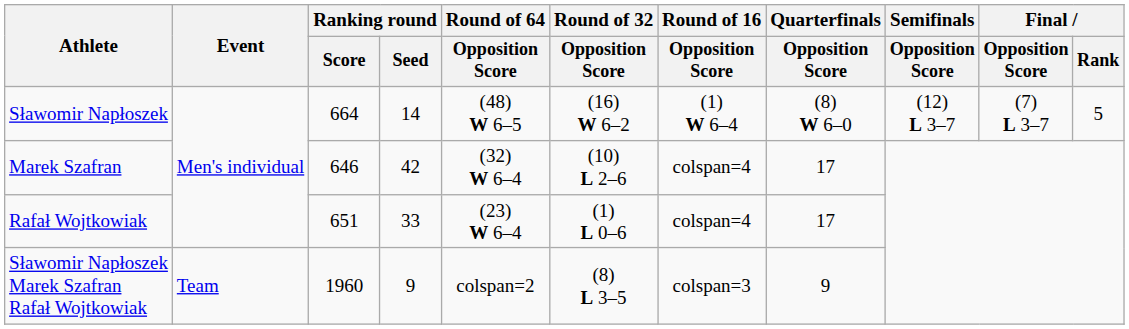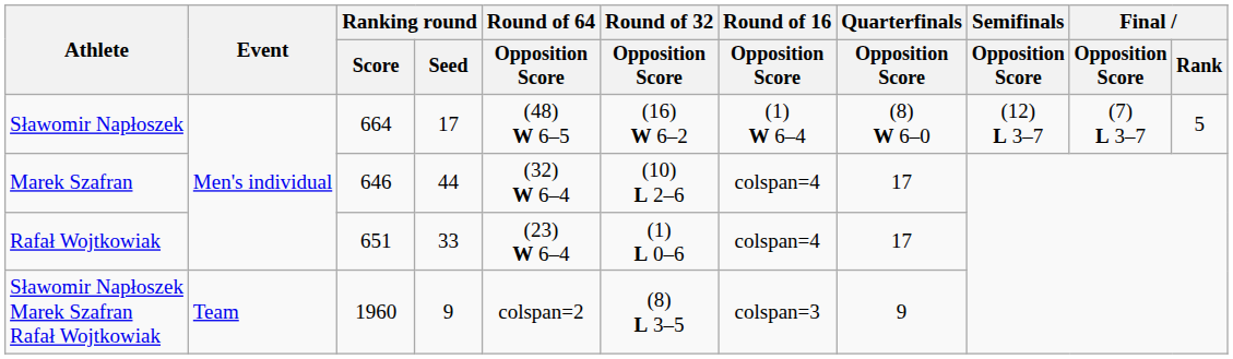 <table class="wikitable" style="font-size:90%">
 <tr>
 <th rowspan="2">Athlete</th>
 <th rowspan="2">Event</th>
 <th colspan="2">Ranking round</th>
 <th>Round of 64</th>
 <th>Round of 32</th>
 <th>Round of 16</th>
 <th>Quarterfinals</th>
 <th>Semifinals</th>
 <th colspan="2">Final / </th>
 </tr>
 <tr style="font-size:95%">
 <th>Score</th>
 <th>Seed</th>
 <th>Opposition<br>Score</th>
 <th>Opposition<br>Score</th>
 <th>Opposition<br>Score</th>
 <th>Opposition<br>Score</th>
 <th>Opposition<br>Score</th>
 <th>Opposition<br>Score</th>
 <th>Rank</th>
 </tr>
 <tr align=center>
 <td align=left><a href='#'>Sławomir Napłoszek</a></td>
 <td align=left rowspan=3><a href='#'>Men's individual</a></td>
 <td>664</td>
-<td>14</td>
+<td>17</td>
 <td> (48) <br> <strong>W</strong> 6–5</td>
 <td> (16) <br>  <strong>W</strong> 6–2</td>
 <td> (1) <br>  <strong>W</strong> 6–4</td>
 <td> (8) <br>  <strong>W</strong> 6–0</td>
 <td> (12) <br>  <strong>L</strong> 3–7</td>
 <td> (7) <br> <strong>L</strong> 3–7</td>
 <td>5</td>
 </tr>
 <tr align=center>
 <td align=left><a href='#'>Marek Szafran</a></td>
 <td>646</td>
-<td>42</td>
+<td>44</td>
 <td> (32) <br> <strong>W</strong> 6–4</td>
 <td> (10) <br><strong>L</strong> 2–6</td>
 <td>colspan=4 </td>
 <td>17</td>
 </tr>
 <tr align=center>
 <td align=left><a href='#'>Rafał Wojtkowiak</a></td>
 <td>651</td>
 <td>33</td>
 <td> (23) <br><strong>W</strong> 6–4</td>
 <td> (1) <br> <strong>L</strong> 0–6</td>
 <td>colspan=4 </td>
 <td>17</td>
 </tr>
 <tr align=center>
 <td align=left><a href='#'>Sławomir Napłoszek</a><br><a href='#'>Marek Szafran</a><br><a href='#'>Rafał Wojtkowiak</a></td>
 <td align=left><a href='#'>Team</a></td>
 <td>1960</td>
 <td>9</td>
 <td>colspan=2 </td>
 <td> (8)<br><strong>L</strong> 3–5</td>
 <td>colspan=3 </td>
 <td>9</td>
 </tr>
 </table>
